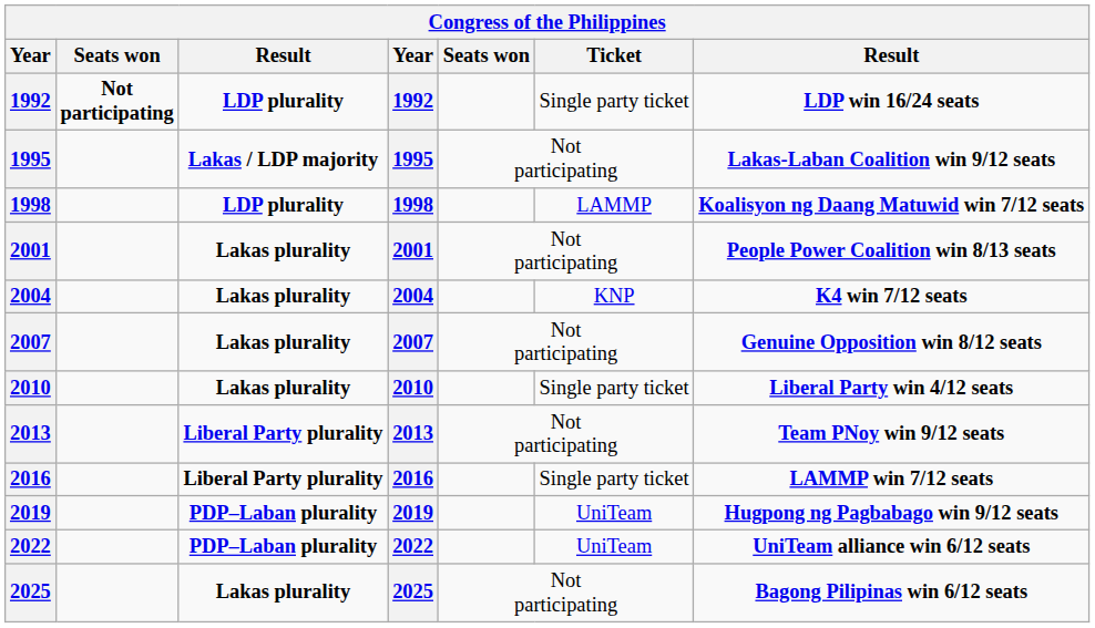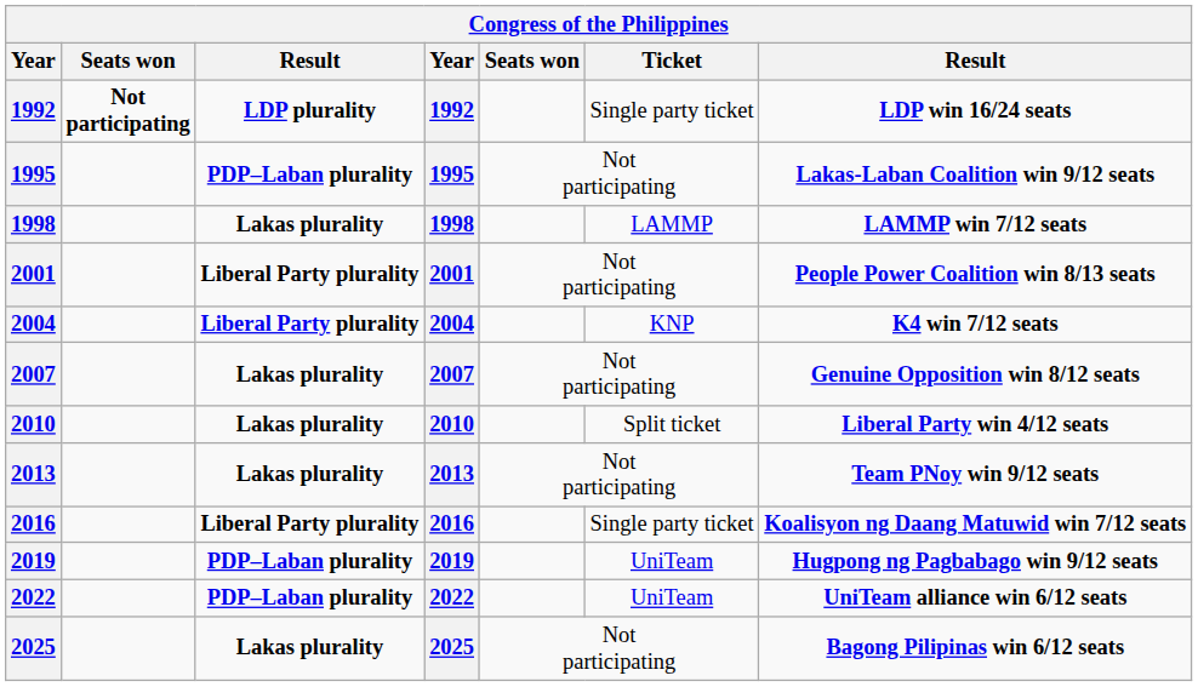 <table class="wikitable" style="text-align:center; font-size:90%">
 <tr>
 <th colspan=7><a href='#'>Congress of the Philippines</a></th>
 </tr>
 <tr>
 <th>Year</th>
 <th>Seats won</th>
 <th>Result</th>
 <th>Year</th>
 <th>Seats won</th>
 <th>Ticket</th>
 <th>Result</th>
 </tr>
 <tr>
 <th><a href='#'>1992</a></th>
 <td><strong>Not<br>participating</strong></td>
 <td><strong><a href='#'>LDP</a> plurality</strong></td>
 <th><a href='#'>1992</a></th>
 <td></td>
 <td>Single party ticket</td>
 <td><strong><a href='#'>LDP</a> win 16/24 seats</strong></td>
 </tr>
 <tr>
 <th><a href='#'>1995</a></th>
 <td></td>
-<td><strong><a href='#'>Lakas</a> / LDP majority</strong></td>
+<td><strong><a href='#'>PDP–Laban</a> plurality</strong></td>
 <th><a href='#'>1995</a></th>
 <td colspan=2>Not<br>participating</td>
 <td><strong><a href='#'>Lakas-Laban Coalition</a> win 9/12 seats</strong></td>
 </tr>
 <tr>
 <th><a href='#'>1998</a></th>
 <td></td>
-<td><strong><a href='#'>LDP</a> plurality</strong></td>
+<td><strong>Lakas plurality</strong></td>
 <th><a href='#'>1998</a></th>
 <td></td>
 <td style="background:"><a href='#'>LAMMP</a></td>
-<td><strong><a href='#'>Koalisyon ng Daang Matuwid</a> win 7/12 seats</strong></td>
+<td style="background:"><strong><a href='#'>LAMMP</a> win 7/12 seats</strong></td>
 </tr>
 <tr>
 <th><a href='#'>2001</a></th>
 <td></td>
-<td><strong>Lakas plurality</strong></td>
+<td><strong>Liberal Party plurality</strong></td>
 <th><a href='#'>2001</a></th>
 <td colspan=2>Not<br>participating</td>
 <td><strong><a href='#'>People Power Coalition</a> win 8/13 seats</strong></td>
 </tr>
 <tr>
 <th><a href='#'>2004</a></th>
 <td></td>
-<td><strong>Lakas plurality</strong></td>
+<td><strong><a href='#'>Liberal Party</a> plurality</strong></td>
 <th><a href='#'>2004</a></th>
 <td></td>
 <td><a href='#'>KNP</a></td>
 <td><strong><a href='#'>K4</a> win 7/12 seats</strong></td>
 </tr>
 <tr>
 <th><a href='#'>2007</a></th>
 <td></td>
 <td><strong>Lakas plurality</strong></td>
 <th><a href='#'>2007</a></th>
 <td colspan=2>Not<br>participating</td>
 <td><strong><a href='#'>Genuine Opposition</a> win 8/12 seats</strong></td>
 </tr>
 <tr>
 <th><a href='#'>2010</a></th>
 <td></td>
 <td><strong>Lakas plurality</strong></td>
 <th><a href='#'>2010</a></th>
 <td></td>
-<td>Single party ticket</td>
+<td style="background:">Split ticket</td>
 <td><strong><a href='#'>Liberal Party</a> win 4/12 seats</strong></td>
 </tr>
 <tr>
 <th><a href='#'>2013</a></th>
 <td></td>
-<td><strong><a href='#'>Liberal Party</a> plurality</strong></td>
+<td><strong>Lakas plurality</strong></td>
 <th><a href='#'>2013</a></th>
 <td colspan=2>Not<br>participating</td>
 <td><strong><a href='#'>Team PNoy</a> win 9/12 seats</strong></td>
 </tr>
 <tr>
 <th><a href='#'>2016</a></th>
 <td></td>
 <td><strong>Liberal Party plurality</strong></td>
 <th><a href='#'>2016</a></th>
 <td></td>
 <td>Single party ticket</td>
-<td style="background:"><strong><a href='#'>LAMMP</a> win 7/12 seats</strong></td>
+<td><strong><a href='#'>Koalisyon ng Daang Matuwid</a> win 7/12 seats</strong></td>
 </tr>
 <tr>
 <th><a href='#'>2019</a></th>
 <td></td>
 <td><strong><a href='#'>PDP–Laban</a> plurality</strong></td>
 <th><a href='#'>2019</a></th>
 <td></td>
 <td style="background:"><a href='#'>UniTeam</a></td>
 <td style="background:"><strong><a href='#'>Hugpong ng Pagbabago</a> win 9/12 seats</strong></td>
 </tr>
 <tr>
 <th><a href='#'>2022</a></th>
 <td></td>
 <td><strong><a href='#'>PDP–Laban</a> plurality</strong></td>
 <th><a href='#'>2022</a></th>
 <td></td>
 <td style="background:"><a href='#'>UniTeam</a></td>
 <td style="background:"><strong><a href='#'>UniTeam</a> alliance win 6/12 seats</strong></td>
 </tr>
 <tr>
 <th><a href='#'>2025</a></th>
 <td></td>
 <td><strong>Lakas plurality</strong></td>
 <th><a href='#'>2025</a></th>
 <td colspan=2>Not<br>participating</td>
 <td><strong><a href='#'>Bagong Pilipinas</a> win 6/12 seats</strong></td>
 </tr>
 </table>
